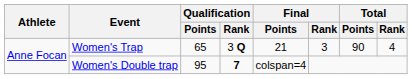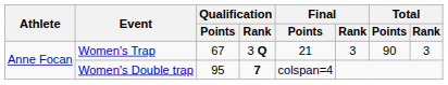 <table class=wikitable style="font-size:90%; text-align:center">
 <tr>
 <th rowspan=2>Athlete</th>
 <th rowspan=2>Event</th>
 <th colspan=2>Qualification</th>
 <th colspan=2>Final</th>
 <th colspan=2>Total</th>
 </tr>
 <tr style=font-size:95%>
 <th>Points</th>
 <th>Rank</th>
 <th>Points</th>
 <th>Rank</th>
 <th>Points</th>
 <th>Rank</th>
 </tr>
 <tr>
 <td align=left rowspan=2><a href='#'>Anne Focan</a></td>
 <td align=left><a href='#'>Women's Trap</a></td>
-<td>65</td>
+<td>67</td>
 <td>3 <strong>Q</strong></td>
 <td>21</td>
 <td>3</td>
 <td>90</td>
-<td>4</td>
+<td>3</td>
 </tr>
 <tr>
 <td align=left><a href='#'>Women's Double trap</a></td>
 <td>95</td>
 <td><strong>7</strong></td>
 <td>colspan=4 </td>
 </tr>
 </table>
